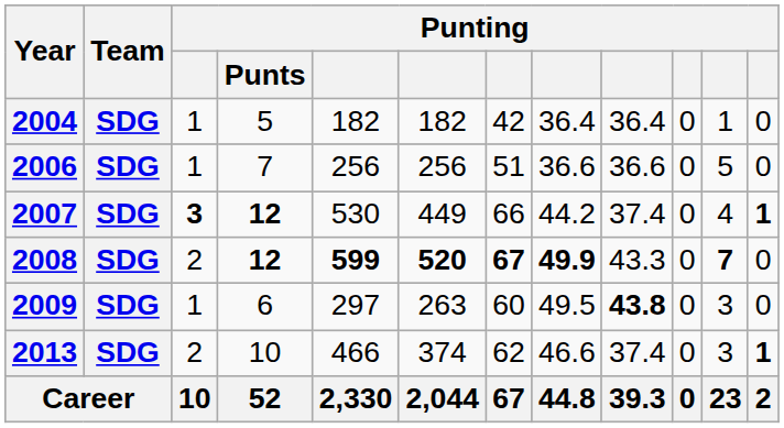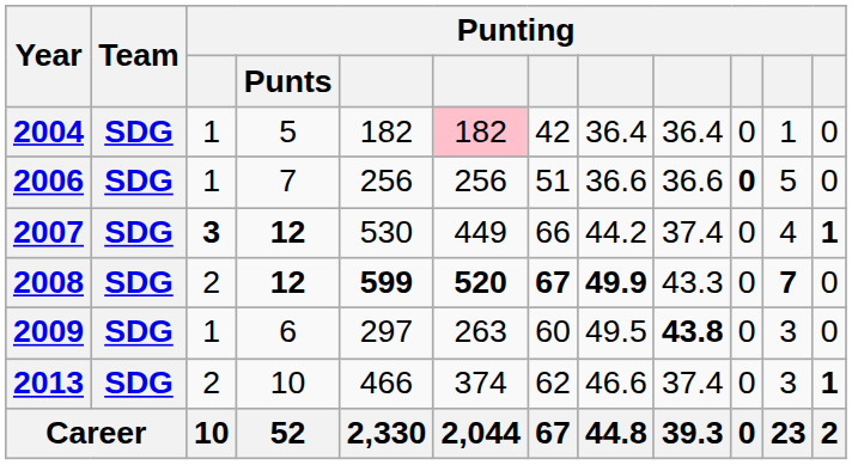 <table class=wikitable style="text-align:center;">
 <tr>
 <th rowspan="2">Year</th>
 <th rowspan="2">Team</th>
 <th colspan="10">Punting</th>
 </tr>
 <tr>
 <th></th>
 <th>Punts</th>
 <th></th>
 <th></th>
 <th></th>
 <th></th>
 <th></th>
 <th></th>
 <th></th>
 <th></th>
 </tr>
 <tr>
 <th><a href='#'>2004</a></th>
 <th><a href='#'>SDG</a></th>
 <td>1</td>
 <td>5</td>
 <td>182</td>
-<td>182</td>
+<td style="background: pink;">182</td>
 <td>42</td>
 <td>36.4</td>
 <td>36.4</td>
 <td>0</td>
 <td>1</td>
 <td>0</td>
 </tr>
 <tr>
 <th><a href='#'>2006</a></th>
 <th><a href='#'>SDG</a></th>
 <td>1</td>
 <td>7</td>
 <td>256</td>
 <td>256</td>
 <td>51</td>
 <td>36.6</td>
 <td>36.6</td>
-<td>0</td>
+<td><strong>0</strong></td>
 <td>5</td>
 <td>0</td>
 </tr>
 <tr>
 <th><a href='#'>2007</a></th>
 <th><a href='#'>SDG</a></th>
 <td><strong>3</strong></td>
 <td><strong>12</strong></td>
 <td>530</td>
 <td>449</td>
 <td>66</td>
 <td>44.2</td>
 <td>37.4</td>
 <td>0</td>
 <td>4</td>
 <td><strong>1</strong></td>
 </tr>
 <tr>
 <th><a href='#'>2008</a></th>
 <th><a href='#'>SDG</a></th>
 <td>2</td>
 <td><strong>12</strong></td>
 <td><strong>599</strong></td>
 <td><strong>520</strong></td>
 <td><strong>67</strong></td>
 <td><strong>49.9</strong></td>
 <td>43.3</td>
 <td>0</td>
 <td><strong>7</strong></td>
 <td>0</td>
 </tr>
 <tr>
 <th><a href='#'>2009</a></th>
 <th><a href='#'>SDG</a></th>
 <td>1</td>
 <td>6</td>
 <td>297</td>
 <td>263</td>
 <td>60</td>
 <td>49.5</td>
 <td><strong>43.8</strong></td>
 <td>0</td>
 <td>3</td>
 <td>0</td>
 </tr>
 <tr>
 <th><a href='#'>2013</a></th>
 <th><a href='#'>SDG</a></th>
 <td>2</td>
 <td>10</td>
 <td>466</td>
 <td>374</td>
 <td>62</td>
 <td>46.6</td>
 <td>37.4</td>
 <td>0</td>
 <td>3</td>
 <td><strong>1</strong></td>
 </tr>
 <tr>
 <th colspan="2">Career</th>
 <th>10</th>
 <th>52</th>
 <th>2,330</th>
 <th>2,044</th>
 <th>67</th>
 <th>44.8</th>
 <th>39.3</th>
 <th>0</th>
 <th>23</th>
 <th>2</th>
 </tr>
 </table>
